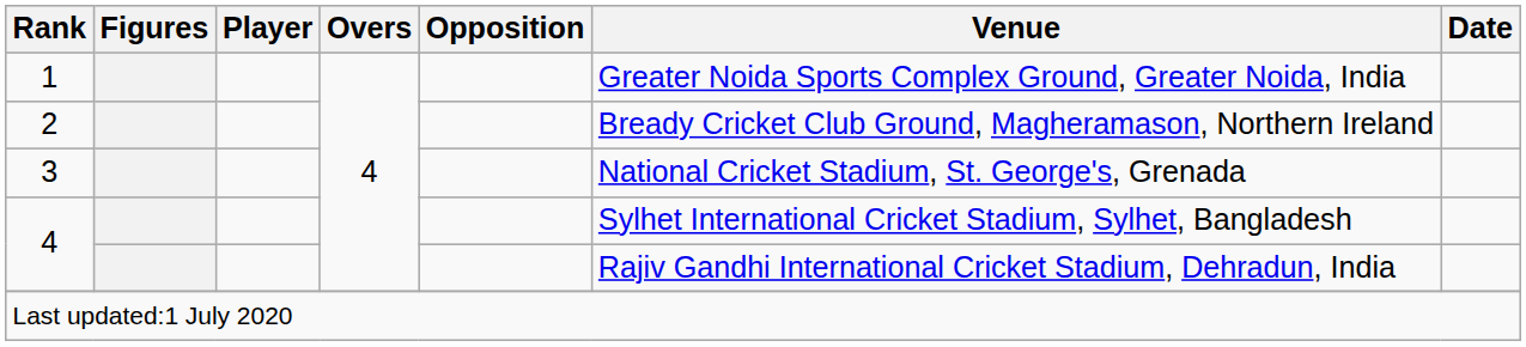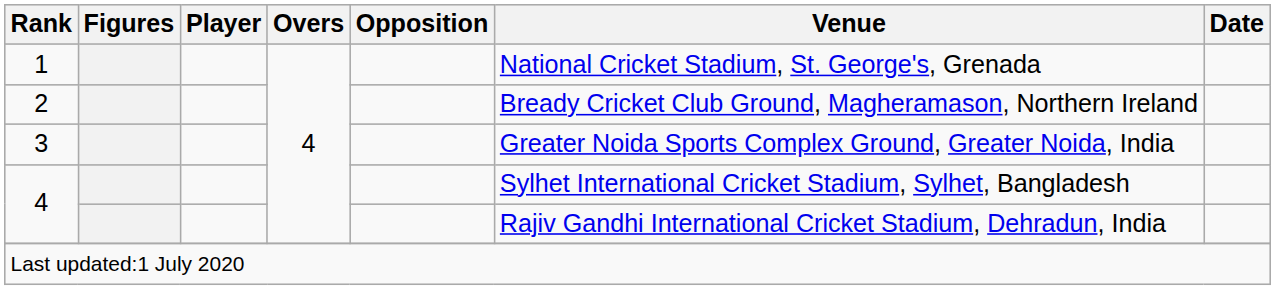 <table class="wikitable plainrowheaders sortable">
 <tr>
 <th scope=col>Rank</th>
 <th scope=col>Figures</th>
 <th scope=col>Player</th>
 <th scope=col>Overs</th>
 <th scope=col>Opposition</th>
 <th scope=col>Venue</th>
 <th scope=col>Date</th>
 </tr>
 <tr>
 <td align=center>1</td>
 <th scope=row style=text-align:center;></th>
 <td></td>
 <td align=center rowspan=5>4</td>
 <td></td>
-<td><a href='#'>Greater Noida Sports Complex Ground</a>, <a href='#'>Greater Noida</a>, India</td>
+<td><a href='#'>National Cricket Stadium</a>, <a href='#'>St. George's</a>, Grenada</td>
 <td></td>
 </tr>
 <tr>
 <td align=center>2</td>
 <th scope=row style=text-align:center;></th>
 <td> </td>
 <td></td>
 <td><a href='#'>Bready Cricket Club Ground</a>, <a href='#'>Magheramason</a>, Northern Ireland</td>
 <td></td>
 </tr>
 <tr>
 <td align=center>3</td>
 <th scope=row style=text-align:center;></th>
 <td></td>
 <td></td>
-<td><a href='#'>National Cricket Stadium</a>, <a href='#'>St. George's</a>, Grenada</td>
+<td><a href='#'>Greater Noida Sports Complex Ground</a>, <a href='#'>Greater Noida</a>, India</td>
 <td></td>
 </tr>
 <tr>
 <td align=center rowspan=2>4</td>
 <th scope=row style=text-align:center;></th>
 <td></td>
 <td></td>
 <td><a href='#'>Sylhet International Cricket Stadium</a>, <a href='#'>Sylhet</a>, Bangladesh</td>
 <td> </td>
 </tr>
 <tr>
 <th scope=row style=text-align:center;></th>
 <td></td>
 <td></td>
 <td><a href='#'>Rajiv Gandhi International Cricket Stadium</a>, <a href='#'>Dehradun</a>, India</td>
 <td></td>
 </tr>
 <tr>
 </tr>
 <tr class=sortbottom>
 <td colspan=7><small>Last updated:1 July 2020</small></td>
 </tr>
 </table>
